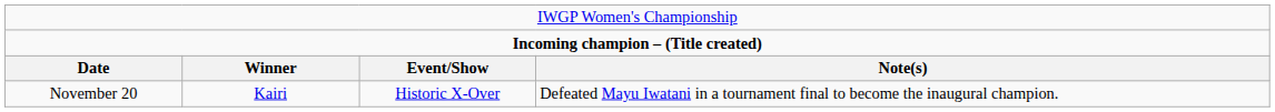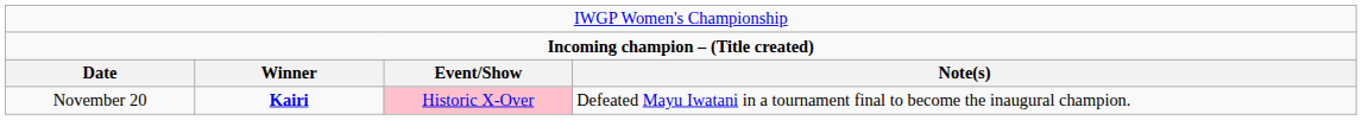 <table class="wikitable" style="text-align:center; width:100%;">
 <tr>
 <td colspan="4" style="text-align: center;"><a href='#'>IWGP Women's Championship</a></td>
 </tr>
 <tr>
 <td colspan="4" style="text-align: center;"><strong>Incoming champion – (Title created)</strong></td>
 </tr>
 <tr>
 <th width=14%>Date</th>
 <th width=14%>Winner</th>
 <th width=14%>Event/Show</th>
 <th width=58%>Note(s)</th>
 </tr>
 <tr>
 <td>November 20</td>
-<td><a href='#'>Kairi</a></td>
-<td><a href='#'>Historic X-Over</a></td>
+<td><strong><a href='#'>Kairi</a></strong></td>
+<td style="background: pink;"><a href='#'>Historic X-Over</a></td>
 <td align=left>Defeated <a href='#'>Mayu Iwatani</a> in a tournament final to become the inaugural champion.</td>
 </tr>
 </table>
